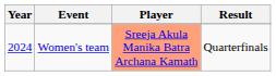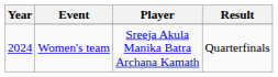 <table class="wikitable" style="text-align:center;">
 <tr>
 <th>Year</th>
 <th>Event</th>
 <th>Player</th>
 <th>Result</th>
 </tr>
 <tr>
 <td rowspan=2><a href='#'>2024</a></td>
 </tr>
 <tr>
 <td><a href='#'>Women's team</a></td>
-<td style="background: lightsalmon;"><a href='#'>Sreeja Akula</a><br><a href='#'>Manika Batra</a><br><a href='#'>Archana Kamath</a></td>
+<td><a href='#'>Sreeja Akula</a><br><a href='#'>Manika Batra</a><br><a href='#'>Archana Kamath</a></td>
 <td>Quarterfinals</td>
 </tr>
 </table>
